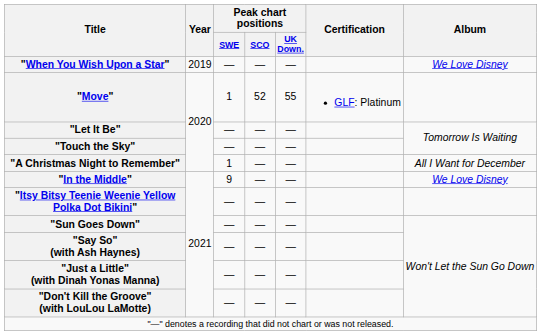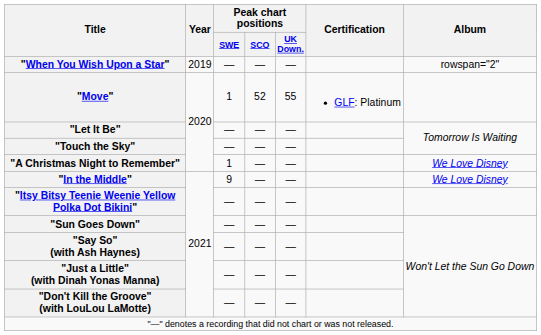 <table class="wikitable plainrowheaders" style="text-align:center;">
 <tr>
 <th scope="col" rowspan="2" style="width:17em;">Title</th>
 <th scope="col" rowspan="2" style="width:1em;">Year</th>
 <th scope="col" colspan="3">Peak chart positions</th>
 <th scope="col" rowspan="2">Certification</th>
 <th scope="col" rowspan="2">Album</th>
 </tr>
 <tr>
 <th scope="col" style="width:3em;font-size:85%;"><a href='#'>SWE</a><br></th>
 <th scope="col" style="width:3em;font-size:85%;"><a href='#'>SCO</a><br></th>
 <th scope="col" style="width:3em;font-size:85%;"><a href='#'>UK<br>Down.</a><br></th>
 </tr>
 <tr>
 <th scope="row">"<a href='#'>When You Wish Upon a Star</a>"</th>
 <td>2019</td>
 <td>—</td>
 <td>—</td>
 <td>—</td>
 <td></td>
-<td><em><a href='#'>We Love Disney</a></em></td>
+<td>rowspan="2" </td>
 </tr>
 <tr>
 <th scope="row">"<a href='#'>Move</a>"</th>
 <td rowspan="4">2020</td>
 <td>1</td>
 <td>52</td>
 <td>55</td>
 <td><br><ul><li><a href='#'>GLF</a>: Platinum</li></ul></td>
 <td></td>
 </tr>
 <tr>
 <th scope="row">"Let It Be"</th>
 <td>—</td>
 <td>—</td>
 <td>—</td>
 <td></td>
 <td rowspan="2"><em>Tomorrow Is Waiting</em></td>
 </tr>
 <tr>
 <th scope="row">"Touch the Sky"</th>
 <td>—</td>
 <td>—</td>
 <td>—</td>
 <td></td>
 </tr>
 <tr>
 <th scope="row">"A Christmas Night to Remember"</th>
 <td>1</td>
 <td>—</td>
 <td>—</td>
 <td></td>
-<td><em>All I Want for December</em></td>
+<td><em><a href='#'>We Love Disney</a></em></td>
 </tr>
 <tr>
 <th scope="row">"<a href='#'>In the Middle</a>"</th>
 <td rowspan="6">2021</td>
 <td>9</td>
 <td>—</td>
 <td>—</td>
 <td></td>
 <td><em><a href='#'>We Love Disney</a></em></td>
 </tr>
 <tr>
 <th scope="row">"<a href='#'>Itsy Bitsy Teenie Weenie Yellow Polka Dot Bikini</a>"</th>
 <td>—</td>
 <td>—</td>
 <td>—</td>
 <td></td>
 </tr>
 <tr>
 <th scope="row">"Sun Goes Down"</th>
 <td>—</td>
 <td>—</td>
 <td>—</td>
 <td></td>
 <td rowspan="4"><em>Won't Let the Sun Go Down</em></td>
 </tr>
 <tr>
 <th scope="row">"Say So"<br> (with Ash Haynes)</th>
 <td>—</td>
 <td>—</td>
 <td>—</td>
 <td></td>
 </tr>
 <tr>
 <th scope="row">"Just a Little"<br> (with Dinah Yonas Manna)</th>
 <td>—</td>
 <td>—</td>
 <td>—</td>
 <td></td>
 </tr>
 <tr>
 <th scope="row">"Don't Kill the Groove"<br> (with LouLou LaMotte)</th>
 <td>—</td>
 <td>—</td>
 <td>—</td>
 <td></td>
 </tr>
 <tr>
 <td style="font-size:85%;" colspan="22">"—" denotes a recording that did not chart or was not released.</td>
 </tr>
 </table>
